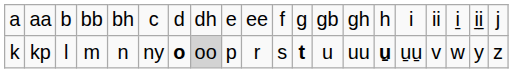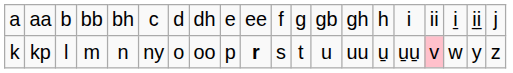 <table class="wikitable" style="text-align: center;">
 <tr>
 <td>a</td>
 <td>aa</td>
 <td>b</td>
 <td>bb</td>
 <td>bh</td>
 <td>c</td>
 <td>d</td>
 <td>dh</td>
 <td>e</td>
 <td>ee</td>
 <td>f</td>
 <td>g</td>
 <td>gb</td>
 <td>gh</td>
 <td>h</td>
 <td>i</td>
 <td>ii</td>
 <td>i̱</td>
 <td>i̱i̱</td>
 <td>j</td>
 </tr>
 <tr>
 <td>k</td>
 <td>kp</td>
 <td>l</td>
 <td>m</td>
 <td>n</td>
 <td>ny</td>
-<td><strong>o</strong></td>
-<td style="background: lightgrey;">oo</td>
+<td>o</td>
+<td>oo</td>
 <td>p</td>
-<td>r</td>
+<td><strong>r</strong></td>
 <td>s</td>
-<td><strong>t</strong></td>
+<td>t</td>
 <td>u</td>
 <td>uu</td>
-<td><strong>u̱</strong></td>
+<td>u̱</td>
 <td>u̱u̱</td>
-<td>v</td>
+<td style="background: pink;">v</td>
 <td>w</td>
 <td>y</td>
 <td>z</td>
 </tr>
 </table>
